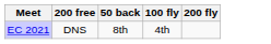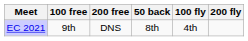 <table class="sortable wikitable">
 <tr>
 <th>Meet</th>
+<th class="unsortable">100 free</th>
 <th class="unsortable">200 free</th>
 <th class="unsortable">50 back</th>
 <th class="unsortable">100 fly</th>
 <th class="unsortable">200 fly</th>
 </tr>
 <tr>
 <td style="background:#ccccff"><a href='#'>EC 2021</a></td>
+<td align="center">9th</td>
 <td align="center">DNS</td>
 <td align="center">8th</td>
 <td align="center">4th</td>
 <td align="center"></td>
 </tr>
 </table>
